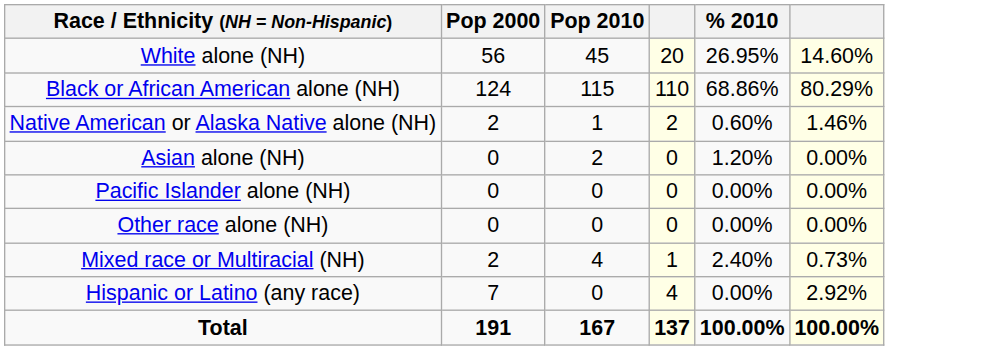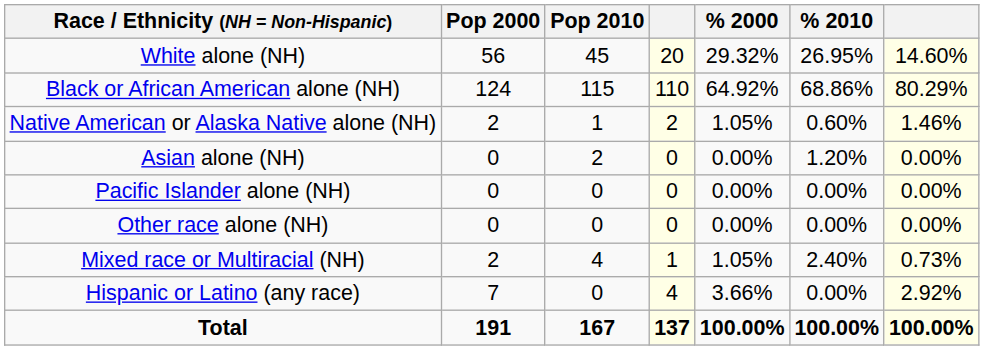 <table class="wikitable" style="text-align:center;">
 <tr>
 <th>Race / Ethnicity <small>(<em>NH = Non-Hispanic</em>)</small></th>
 <th>Pop 2000</th>
 <th>Pop 2010</th>
 <th></th>
+<th>% 2000</th>
 <th>% 2010</th>
 <th></th>
 </tr>
 <tr>
 <td><a href='#'>White</a> alone (NH)</td>
 <td>56</td>
 <td>45</td>
 <td style='background: #ffffe6;'>20</td>
+<td>29.32%</td>
 <td>26.95%</td>
 <td style='background: #ffffe6;'>14.60%</td>
 </tr>
 <tr>
 <td><a href='#'>Black or African American</a> alone (NH)</td>
 <td>124</td>
 <td>115</td>
 <td style='background: #ffffe6;'>110</td>
+<td>64.92%</td>
 <td>68.86%</td>
 <td style='background: #ffffe6;'>80.29%</td>
 </tr>
 <tr>
 <td><a href='#'>Native American</a> or <a href='#'>Alaska Native</a> alone (NH)</td>
 <td>2</td>
 <td>1</td>
 <td style='background: #ffffe6;'>2</td>
+<td>1.05%</td>
 <td>0.60%</td>
 <td style='background: #ffffe6;'>1.46%</td>
 </tr>
 <tr>
 <td><a href='#'>Asian</a> alone (NH)</td>
 <td>0</td>
 <td>2</td>
 <td style='background: #ffffe6;'>0</td>
+<td>0.00%</td>
 <td>1.20%</td>
 <td style='background: #ffffe6;'>0.00%</td>
 </tr>
 <tr>
 <td><a href='#'>Pacific Islander</a> alone (NH)</td>
 <td>0</td>
 <td>0</td>
 <td style='background: #ffffe6;'>0</td>
 <td>0.00%</td>
+<td>0.00%</td>
 <td style='background: #ffffe6;'>0.00%</td>
 </tr>
 <tr>
 <td><a href='#'>Other race</a> alone (NH)</td>
 <td>0</td>
 <td>0</td>
 <td style='background: #ffffe6;'>0</td>
 <td>0.00%</td>
+<td>0.00%</td>
 <td style='background: #ffffe6;'>0.00%</td>
 </tr>
 <tr>
 <td><a href='#'>Mixed race or Multiracial</a> (NH)</td>
 <td>2</td>
 <td>4</td>
 <td style='background: #ffffe6;'>1</td>
+<td>1.05%</td>
 <td>2.40%</td>
 <td style='background: #ffffe6;'>0.73%</td>
 </tr>
 <tr>
 <td><a href='#'>Hispanic or Latino</a> (any race)</td>
 <td>7</td>
 <td>0</td>
 <td style='background: #ffffe6;'>4</td>
+<td>3.66%</td>
 <td>0.00%</td>
 <td style='background: #ffffe6;'>2.92%</td>
 </tr>
 <tr>
 <td><strong>Total</strong></td>
 <td><strong>191</strong></td>
 <td><strong>167</strong></td>
 <td style='background: #ffffe6;'><strong>137</strong></td>
 <td><strong>100.00%</strong></td>
+<td><strong>100.00%</strong></td>
 <td style='background: #ffffe6;'><strong>100.00%</strong></td>
 </tr>
 </table>
